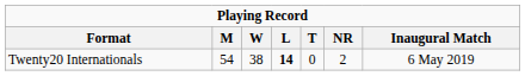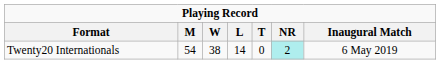 <table class="wikitable" style="text-align: center; width: 600px;">
 <tr>
 <td colspan=7 align="center"><strong>Playing Record</strong></td>
 </tr>
 <tr>
 <th>Format</th>
 <th>M</th>
 <th>W</th>
 <th>L</th>
 <th>T</th>
 <th>NR</th>
 <th>Inaugural Match</th>
 </tr>
 <tr>
 <td align="left">Twenty20 Internationals</td>
 <td>54</td>
 <td>38</td>
-<td><strong>14</strong></td>
+<td>14</td>
 <td>0</td>
-<td>2</td>
+<td style="background: paleturquoise;">2</td>
 <td>6 May 2019</td>
 </tr>
 </table>
